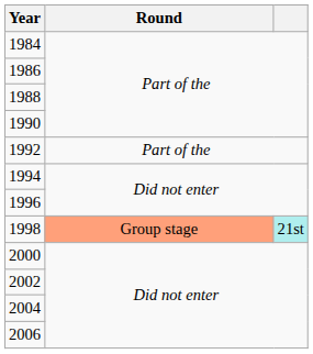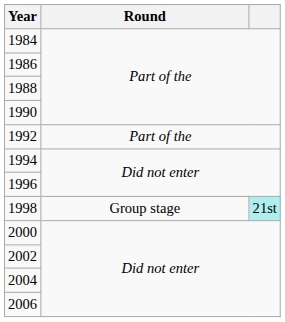 <table class="wikitable" style="text-align: center; font-size:90%">
 <tr>
 <th>Year</th>
 <th style="width:200px">Round</th>
 <th></th>
 </tr>
 <tr>
 <td>1984</td>
 <td colspan="2" rowspan="4"><em>Part of the </em></td>
 </tr>
 <tr>
 <td>1986</td>
 </tr>
 <tr>
 <td>1988</td>
 </tr>
 <tr>
 <td>1990</td>
 </tr>
 <tr>
 <td>1992</td>
 <td colspan="2"><em>Part of the </em></td>
 </tr>
 <tr>
 <td>1994</td>
 <td colspan="2" rowspan="2"><em>Did not enter</em></td>
 </tr>
 <tr>
 <td>1996</td>
 </tr>
 <tr>
 <td>1998</td>
-<td style="background: lightsalmon;">Group stage</td>
+<td>Group stage</td>
 <td style="background: paleturquoise;">21st</td>
 </tr>
 <tr>
 <td>2000</td>
 <td colspan="2" rowspan="4"><em>Did not enter</em></td>
 </tr>
 <tr>
 <td>2002</td>
 </tr>
 <tr>
 <td>2004</td>
 </tr>
 <tr>
 <td>2006</td>
 </tr>
 </table>
